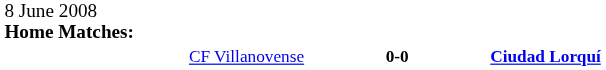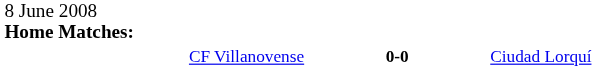 <table width=100% cellspacing=1>
 <tr>
 <th width=20%></th>
 <th width=12%></th>
 <th width=20%></th>
 <th></th>
 </tr>
 <tr>
 <td>8 June 2008<br><strong>Home Matches:</strong></td>
 </tr>
 <tr style=font-size:90%>
 <td align=right><a href='#'>CF Villanovense</a></td>
 <td align=center><strong>0-0</strong></td>
-<td><strong><a href='#'>Ciudad Lorquí</a></strong></td>
+<td><a href='#'>Ciudad Lorquí</a></td>
 </tr>
 </table>
